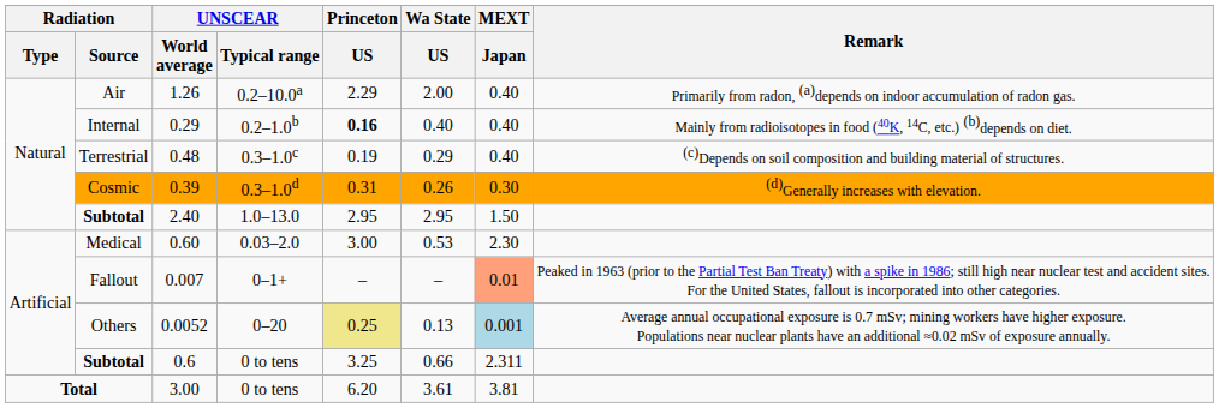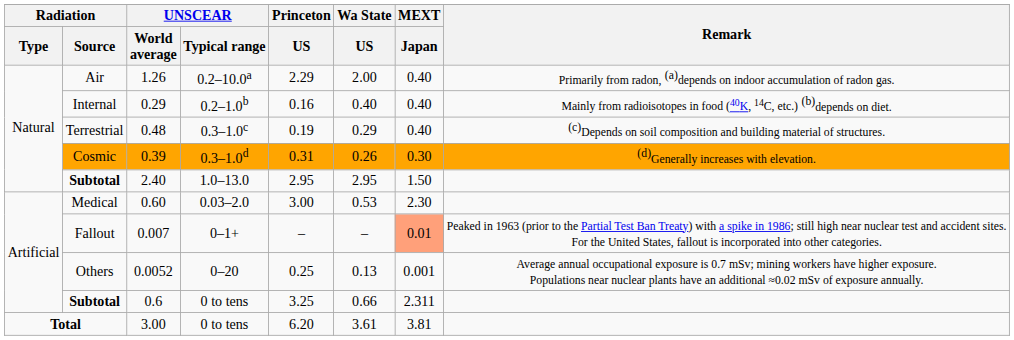 <table class="wikitable" style="text-align:center">
 <tr style="background:#ececec;">
 </tr>
 <tr>
 <th colspan="2">Radiation</th>
 <th colspan="2"><a href='#'>UNSCEAR</a></th>
 <th>Princeton</th>
 <th>Wa State</th>
 <th>MEXT</th>
 <th rowspan="2">Remark</th>
 </tr>
 <tr>
 <th>Type</th>
 <th>Source</th>
 <th>World<br> average</th>
 <th>Typical range</th>
 <th>US</th>
 <th>US</th>
 <th>Japan</th>
 </tr>
 <tr>
 <td rowspan="5">Natural</td>
 <td>Air</td>
 <td>1.26</td>
 <td>0.2–10.0<sup>a</sup></td>
 <td>2.29</td>
 <td>2.00</td>
 <td>0.40</td>
 <td><small>Primarily from radon,</small> <sup>(a)</sup><small>depends on indoor accumulation of radon gas.</small></td>
 </tr>
 <tr>
 <td>Internal</td>
 <td>0.29</td>
 <td>0.2–1.0<sup>b</sup></td>
-<td><strong>0.16</strong></td>
+<td>0.16</td>
 <td>0.40</td>
 <td>0.40</td>
 <td><small>Mainly from radioisotopes in food (<a href='#'><sup>40</sup>K</a>, <sup>14</sup>C, etc.)</small> <sup>(b)</sup><small>depends on diet.</small></td>
 </tr>
 <tr>
 <td>Terrestrial</td>
 <td>0.48</td>
 <td>0.3–1.0<sup>c</sup></td>
 <td>0.19</td>
 <td>0.29</td>
 <td>0.40</td>
 <td><sup>(c)</sup><small>Depends on soil composition and building material of structures.</small></td>
 </tr>
 <tr style="background:orange;">
 <td>Cosmic</td>
 <td>0.39</td>
 <td>0.3–1.0<sup>d</sup></td>
 <td>0.31</td>
 <td>0.26</td>
 <td>0.30</td>
 <td><sup>(d)</sup><small>Generally increases with elevation.</small></td>
 </tr>
 <tr>
 <td><strong>Subtotal</strong></td>
 <td>2.40</td>
 <td>1.0–13.0</td>
 <td>2.95</td>
 <td>2.95</td>
 <td>1.50</td>
 <td></td>
 </tr>
 <tr>
 <td rowspan="4">Artificial</td>
 <td>Medical</td>
 <td>0.60</td>
 <td>0.03–2.0</td>
 <td>3.00</td>
 <td>0.53</td>
 <td>2.30</td>
 <td></td>
 </tr>
 <tr>
 <td>Fallout</td>
 <td>0.007</td>
 <td>0–1+</td>
 <td>–</td>
 <td>–</td>
 <td style="background: lightsalmon;">0.01</td>
 <td><small>Peaked in 1963 (prior to the <a href='#'>Partial Test Ban Treaty</a>) with <a href='#'>a spike in 1986</a>; still high near nuclear test and accident sites.<br>For the United States, fallout is incorporated into other categories.</small></td>
 </tr>
 <tr>
 <td>Others</td>
 <td>0.0052</td>
 <td>0–20</td>
-<td style="background: khaki;">0.25</td>
+<td>0.25</td>
 <td>0.13</td>
-<td style="background: lightblue;">0.001</td>
+<td>0.001</td>
 <td><small>Average annual occupational exposure is 0.7 mSv; mining workers have higher exposure. <br>Populations near nuclear plants have an additional ≈0.02 mSv of exposure annually.</small></td>
 </tr>
 <tr>
 <td><strong>Subtotal</strong></td>
 <td>0.6</td>
 <td>0 to tens</td>
 <td>3.25</td>
 <td>0.66</td>
 <td>2.311</td>
 <td></td>
 </tr>
 <tr>
 <td colspan="2"><strong>Total</strong></td>
 <td>3.00</td>
 <td>0 to tens</td>
 <td>6.20</td>
 <td>3.61</td>
 <td>3.81</td>
 <td></td>
 </tr>
 </table>
